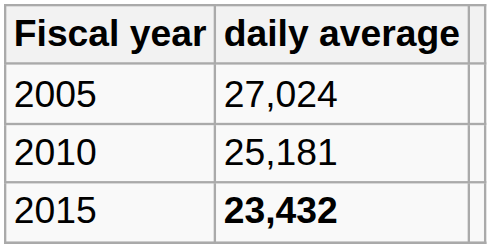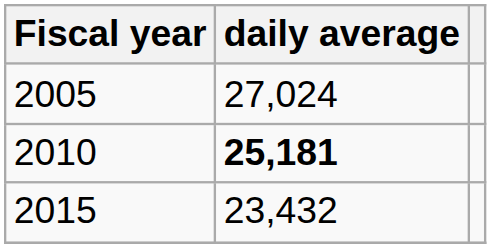 <table class="wikitable">
 <tr>
 <th>Fiscal year</th>
 <th>daily average</th>
 <th></th>
 </tr>
 <tr>
 <td>2005</td>
 <td>27,024</td>
 <td></td>
 </tr>
 <tr>
 <td>2010</td>
-<td>25,181</td>
+<td><strong>25,181</strong></td>
 <td></td>
 </tr>
 <tr>
 <td>2015</td>
-<td><strong>23,432</strong></td>
+<td>23,432</td>
 <td></td>
 </tr>
 <tr>
 </tr>
 </table>
